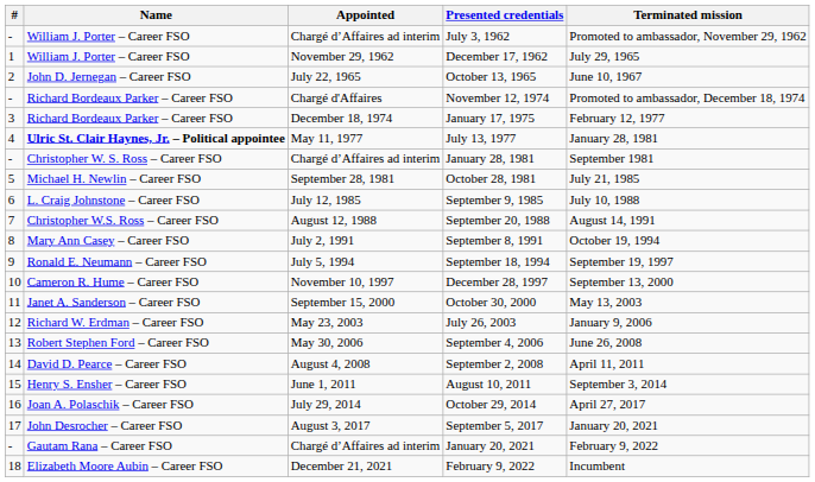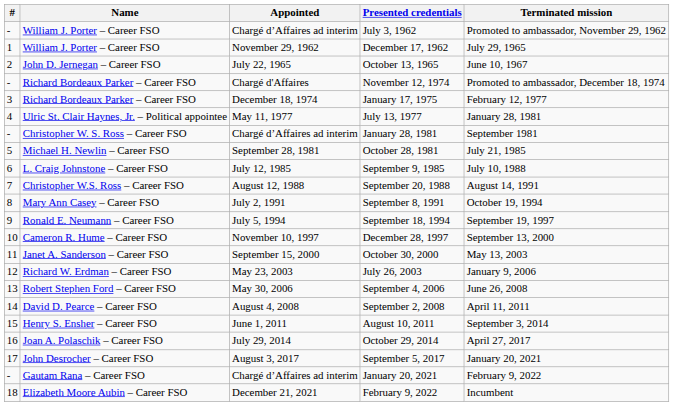 <table class="wikitable">
 <tr>
 <th>#</th>
 <th>Name</th>
 <th>Appointed</th>
 <th><a href='#'>Presented credentials</a></th>
 <th>Terminated mission</th>
 </tr>
 <tr>
 <td>-</td>
 <td><a href='#'>William J. Porter</a> – Career FSO</td>
 <td>Chargé d’Affaires ad interim</td>
 <td>July 3, 1962</td>
 <td>Promoted to ambassador, November 29, 1962</td>
 </tr>
 <tr>
 <td>1</td>
 <td><a href='#'>William J. Porter</a> – Career FSO</td>
 <td>November 29, 1962</td>
 <td>December 17, 1962</td>
 <td>July 29, 1965</td>
 </tr>
 <tr>
 <td>2</td>
 <td><a href='#'>John D. Jernegan</a> – Career FSO</td>
 <td>July 22, 1965</td>
 <td>October 13, 1965</td>
 <td>June 10, 1967</td>
 </tr>
 <tr>
 <td>-</td>
 <td><a href='#'>Richard Bordeaux Parker</a> – Career FSO</td>
 <td>Chargé d'Affaires</td>
 <td>November 12, 1974</td>
 <td>Promoted to ambassador, December 18, 1974</td>
 </tr>
 <tr>
 <td>3</td>
 <td><a href='#'>Richard Bordeaux Parker</a> – Career FSO</td>
 <td>December 18, 1974</td>
 <td>January 17, 1975</td>
 <td>February 12, 1977</td>
 </tr>
 <tr>
 <td>4</td>
-<td><strong><a href='#'>Ulric St. Clair Haynes, Jr.</a> – Political appointee</strong></td>
+<td><a href='#'>Ulric St. Clair Haynes, Jr.</a> – Political appointee</td>
 <td>May 11, 1977</td>
 <td>July 13, 1977</td>
 <td>January 28, 1981</td>
 </tr>
 <tr>
 <td>-</td>
 <td><a href='#'>Christopher W. S. Ross</a> – Career FSO</td>
 <td>Chargé d’Affaires ad interim</td>
 <td>January 28, 1981</td>
 <td>September 1981</td>
 </tr>
 <tr>
 <td>5</td>
 <td><a href='#'>Michael H. Newlin</a> – Career FSO</td>
 <td>September 28, 1981</td>
 <td>October 28, 1981</td>
 <td>July 21, 1985</td>
 </tr>
 <tr>
 <td>6</td>
 <td><a href='#'>L. Craig Johnstone</a> – Career FSO</td>
 <td>July 12, 1985</td>
 <td>September 9, 1985</td>
 <td>July 10, 1988</td>
 </tr>
 <tr>
 <td>7</td>
 <td><a href='#'>Christopher W.S. Ross</a> – Career FSO</td>
 <td>August 12, 1988</td>
 <td>September 20, 1988</td>
 <td>August 14, 1991</td>
 </tr>
 <tr>
 <td>8</td>
 <td><a href='#'>Mary Ann Casey</a> – Career FSO</td>
 <td>July 2, 1991</td>
 <td>September 8, 1991</td>
 <td>October 19, 1994</td>
 </tr>
 <tr>
 <td>9</td>
 <td><a href='#'>Ronald E. Neumann</a> – Career FSO</td>
 <td>July 5, 1994</td>
 <td>September 18, 1994</td>
 <td>September 19, 1997</td>
 </tr>
 <tr>
 <td>10</td>
 <td><a href='#'>Cameron R. Hume</a> – Career FSO</td>
 <td>November 10, 1997</td>
 <td>December 28, 1997</td>
 <td>September 13, 2000</td>
 </tr>
 <tr>
 <td>11</td>
 <td><a href='#'>Janet A. Sanderson</a> – Career FSO</td>
 <td>September 15, 2000</td>
 <td>October 30, 2000</td>
 <td>May 13, 2003</td>
 </tr>
 <tr>
 <td>12</td>
 <td><a href='#'>Richard W. Erdman</a> – Career FSO</td>
 <td>May 23, 2003</td>
 <td>July 26, 2003</td>
 <td>January 9, 2006</td>
 </tr>
 <tr>
 <td>13</td>
 <td><a href='#'>Robert Stephen Ford</a> – Career FSO</td>
 <td>May 30, 2006</td>
 <td>September 4, 2006</td>
 <td>June 26, 2008</td>
 </tr>
 <tr>
 <td>14</td>
 <td><a href='#'>David D. Pearce</a> – Career FSO</td>
 <td>August 4, 2008</td>
 <td>September 2, 2008</td>
 <td>April 11, 2011</td>
 </tr>
 <tr>
 <td>15</td>
 <td><a href='#'>Henry S. Ensher</a> – Career FSO</td>
 <td>June 1, 2011</td>
 <td>August 10, 2011</td>
 <td>September 3, 2014</td>
 </tr>
 <tr>
 <td>16</td>
 <td><a href='#'>Joan A. Polaschik</a> – Career FSO</td>
 <td>July 29, 2014</td>
 <td>October 29, 2014</td>
 <td>April 27, 2017</td>
 </tr>
 <tr>
 <td>17</td>
 <td><a href='#'>John Desrocher</a> – Career FSO</td>
 <td>August 3, 2017</td>
 <td>September 5, 2017</td>
 <td>January 20, 2021</td>
 </tr>
 <tr>
 <td>-</td>
 <td><a href='#'>Gautam Rana</a>  – Career FSO</td>
 <td>Chargé d’Affaires ad interim</td>
 <td>January 20, 2021</td>
 <td colspan="2">February 9, 2022</td>
 </tr>
 <tr>
 <td>18</td>
 <td><a href='#'>Elizabeth Moore Aubin</a>  – Career FSO</td>
 <td>December 21, 2021</td>
 <td>February 9, 2022</td>
 <td>Incumbent</td>
 </tr>
 </table>
